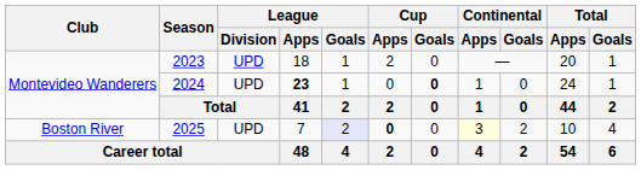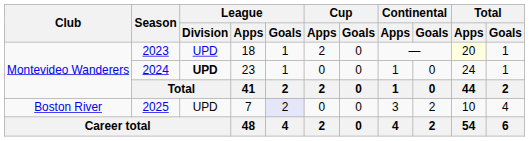 <table class="wikitable" style="text-align: center;">
 <tr>
 <th rowspan="2">Club</th>
 <th rowspan="2">Season</th>
 <th colspan="3">League</th>
 <th colspan="2">Cup</th>
 <th colspan="2">Continental</th>
 <th colspan="2">Total</th>
 </tr>
 <tr>
 <th>Division</th>
 <th>Apps</th>
 <th>Goals</th>
 <th>Apps</th>
 <th>Goals</th>
 <th>Apps</th>
 <th>Goals</th>
 <th>Apps</th>
 <th>Goals</th>
 </tr>
 <tr>
 <td rowspan="3"><a href='#'>Montevideo Wanderers</a></td>
 <td><a href='#'>2023</a></td>
 <td><a href='#'>UPD</a></td>
 <td>18</td>
 <td>1</td>
 <td>2</td>
 <td>0</td>
 <td colspan="2">—</td>
-<td>20</td>
+<td style="background: lightyellow;">20</td>
 <td>1</td>
 </tr>
 <tr>
 <td><a href='#'>2024</a></td>
-<td>UPD</td>
-<td><strong>23</strong></td>
+<td><strong>UPD</strong></td>
+<td>23</td>
 <td>1</td>
 <td>0</td>
-<td><strong>0</strong></td>
+<td>0</td>
 <td>1</td>
 <td>0</td>
 <td>24</td>
 <td>1</td>
 </tr>
 <tr>
 <th colspan="2">Total</th>
 <th>41</th>
 <th>2</th>
 <th>2</th>
 <th>0</th>
 <th>1</th>
 <th>0</th>
 <th>44</th>
 <th>2</th>
 </tr>
 <tr>
 <td rowspan="1"><a href='#'>Boston River</a></td>
 <td><a href='#'>2025</a></td>
 <td>UPD</td>
 <td>7</td>
 <td style="background: lavender;">2</td>
-<td><strong>0</strong></td>
 <td>0</td>
-<td style="background: lightyellow;">3</td>
+<td>0</td>
+<td>3</td>
 <td>2</td>
 <td>10</td>
 <td>4</td>
 </tr>
 <tr>
 <th colspan="3">Career total</th>
 <th>48</th>
 <th>4</th>
 <th>2</th>
 <th>0</th>
 <th>4</th>
 <th>2</th>
 <th>54</th>
 <th>6</th>
 </tr>
 </table>
